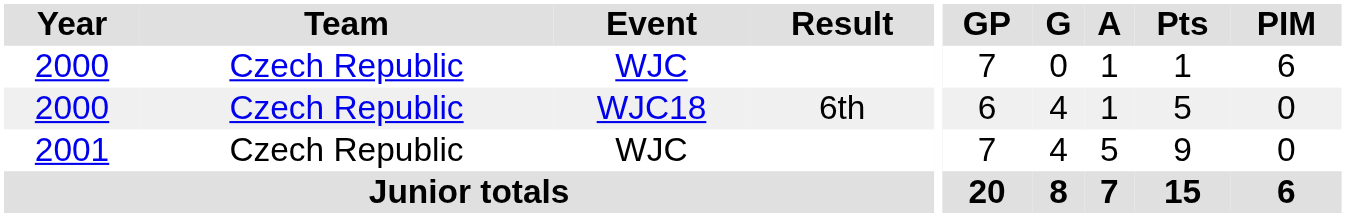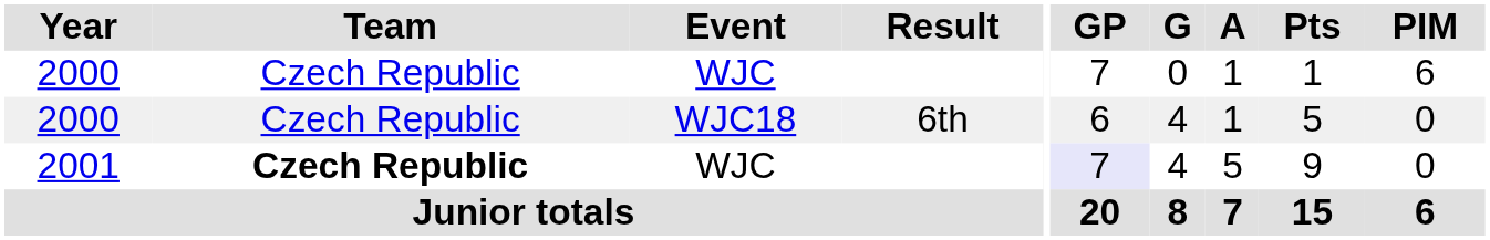 <table border="0" cellpadding="1" cellspacing="0" ID="Table3" style="text-align:center; width:40em">
 <tr ALIGN="center" bgcolor="#e0e0e0">
 <th>Year</th>
 <th>Team</th>
 <th>Event</th>
 <th>Result</th>
 <th rowspan="99" bgcolor="#ffffff"></th>
 <th>GP</th>
 <th>G</th>
 <th>A</th>
 <th>Pts</th>
 <th>PIM</th>
 </tr>
 <tr>
 <td><a href='#'>2000</a></td>
 <td><a href='#'>Czech Republic</a></td>
 <td><a href='#'>WJC</a></td>
 <td></td>
 <td>7</td>
 <td>0</td>
 <td>1</td>
 <td>1</td>
 <td>6</td>
 </tr>
 <tr bgcolor="#f0f0f0">
 <td><a href='#'>2000</a></td>
 <td><a href='#'>Czech Republic</a></td>
 <td><a href='#'>WJC18</a></td>
 <td>6th</td>
 <td>6</td>
 <td>4</td>
 <td>1</td>
 <td>5</td>
 <td>0</td>
 </tr>
 <tr A>
 <td><a href='#'>2001</a></td>
-<td>Czech Republic</td>
+<td><strong>Czech Republic</strong></td>
 <td>WJC</td>
 <td></td>
-<td>7</td>
+<td style="background: lavender;">7</td>
 <td>4</td>
 <td>5</td>
 <td>9</td>
 <td>0</td>
 </tr>
 <tr bgcolor="#e0e0e0">
 <th colspan="4">Junior totals</th>
 <th>20</th>
 <th>8</th>
 <th>7</th>
 <th>15</th>
 <th>6</th>
 </tr>
 </table>
